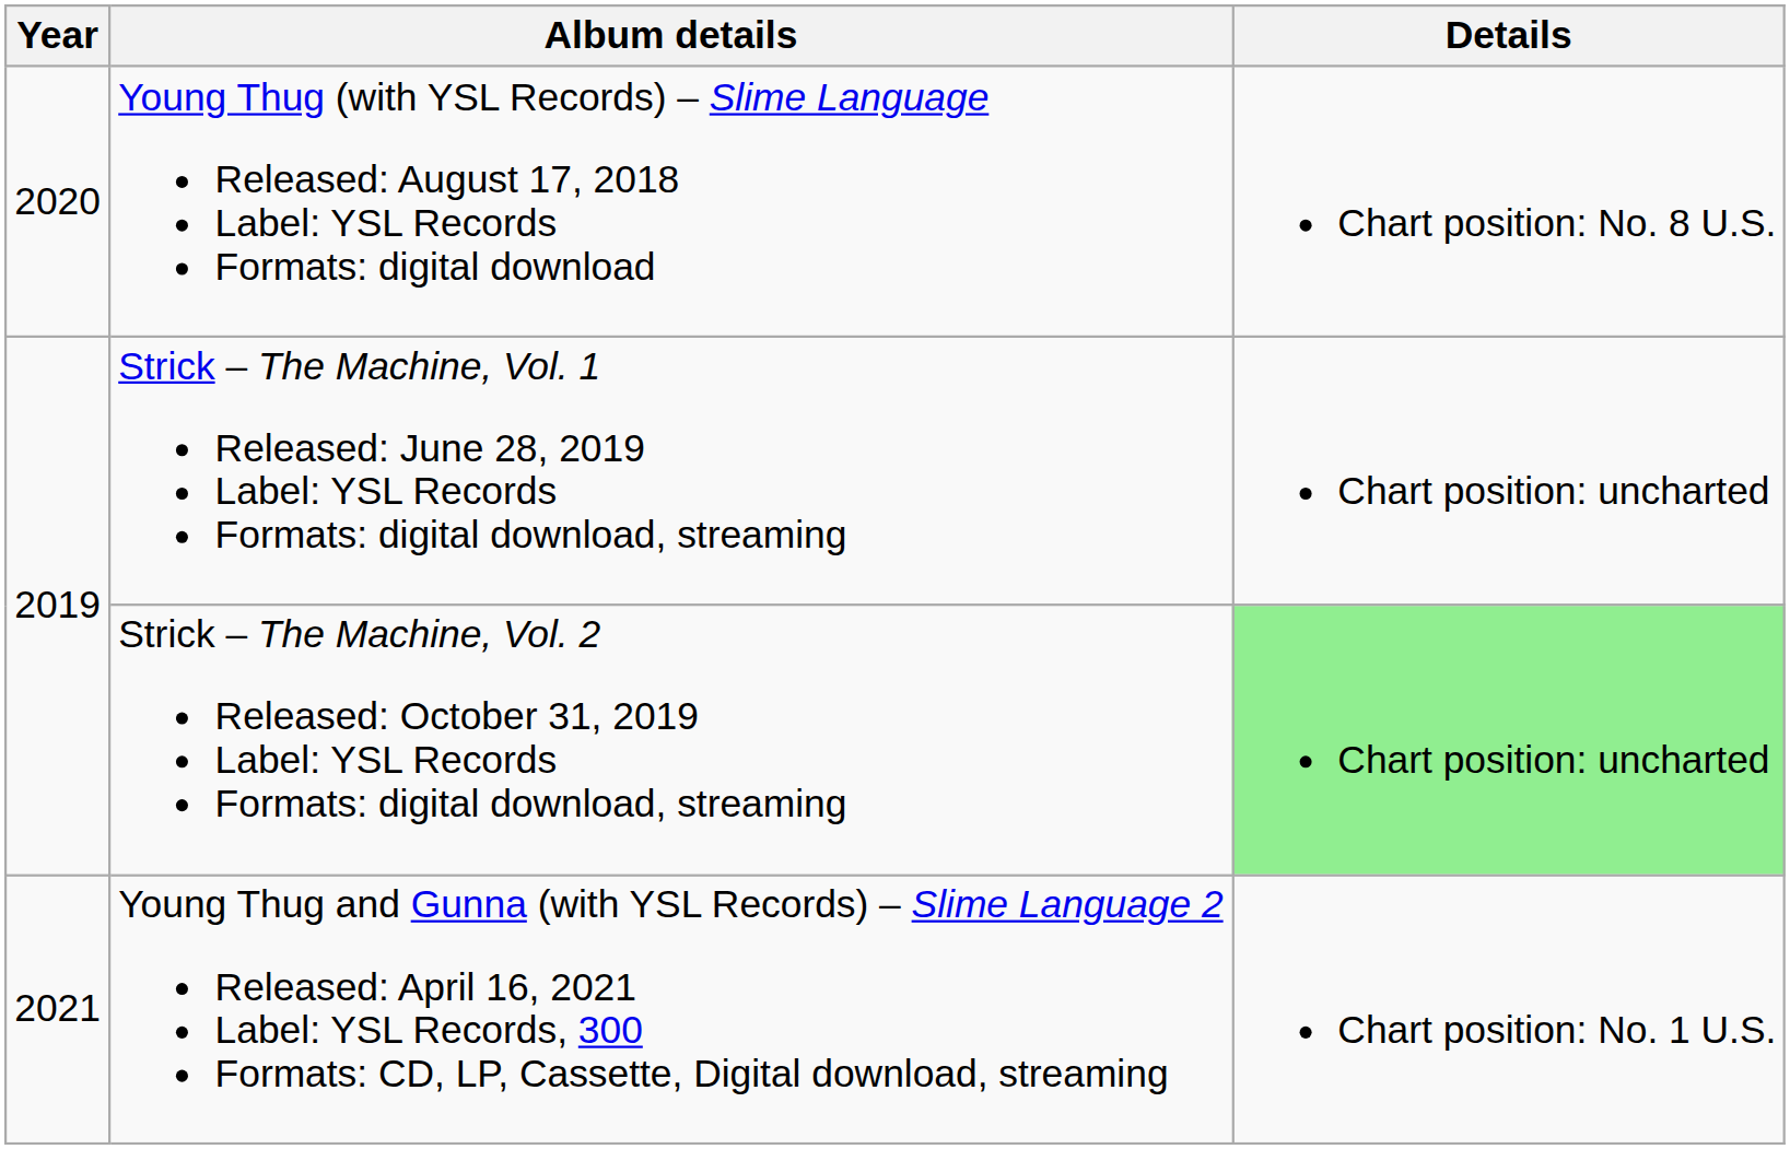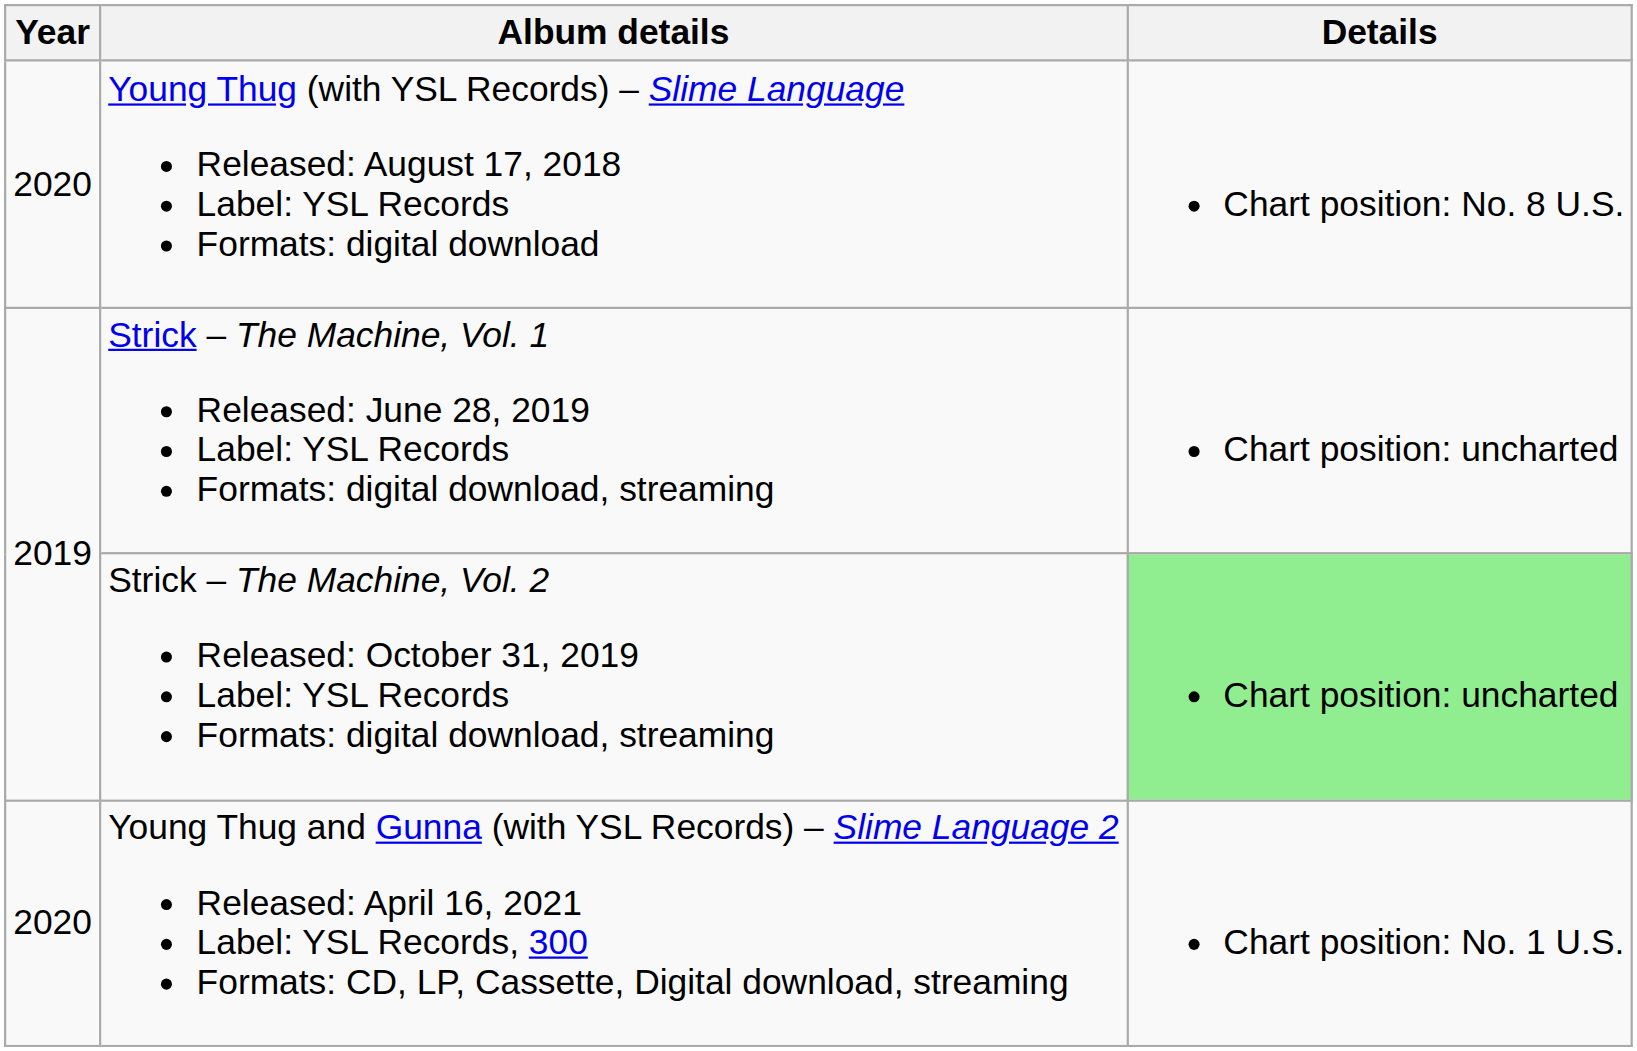 <table class="wikitable sortable">
 <tr>
 <th>Year</th>
 <th class="unsortable">Album details</th>
 <th>Details</th>
 </tr>
 <tr>
 <td style="text-align: center">2020</td>
 <td><a href='#'>Young Thug</a> (with YSL Records) – <em><a href='#'>Slime Language</a></em><br><ul><li>Released: August 17, 2018</li><li>Label: YSL Records</li><li>Formats: digital download</li></ul></td>
 <td><br><ul><li>Chart position: No. 8 U.S.</li></ul></td>
 </tr>
 <tr>
 <td rowspan="2" style="text-align: center">2019</td>
 <td><a href='#'>Strick</a> – <em>The Machine, Vol. 1</em><br><ul><li>Released: June 28, 2019</li><li>Label: YSL Records</li><li>Formats: digital download, streaming</li></ul></td>
 <td><br><ul><li>Chart position: uncharted</li></ul></td>
 </tr>
 <tr>
 <td>Strick – <em>The Machine, Vol. 2</em><br><ul><li>Released: October 31, 2019</li><li>Label: YSL Records</li><li>Formats: digital download, streaming</li></ul></td>
 <td style="background: lightgreen;"><br><ul><li>Chart position: uncharted</li></ul></td>
 </tr>
 <tr>
-<td rowspan="1" style="text-align: center">2021</td>
+<td rowspan="1" style="text-align: center">2020</td>
 <td>Young Thug and <a href='#'>Gunna</a> (with YSL Records) – <em><a href='#'>Slime Language 2</a></em><br><ul><li>Released: April 16, 2021</li><li>Label: YSL Records, <a href='#'>300</a></li><li>Formats: CD, LP, Cassette, Digital download, streaming</li></ul></td>
 <td><br><ul><li>Chart position: No. 1 U.S.</li></ul></td>
 </tr>
 </table>
